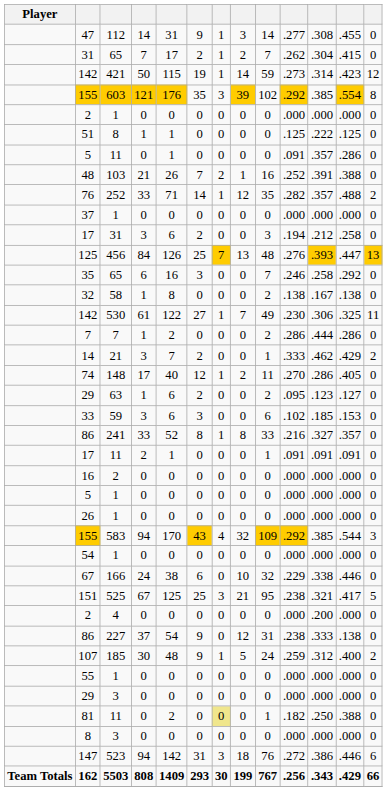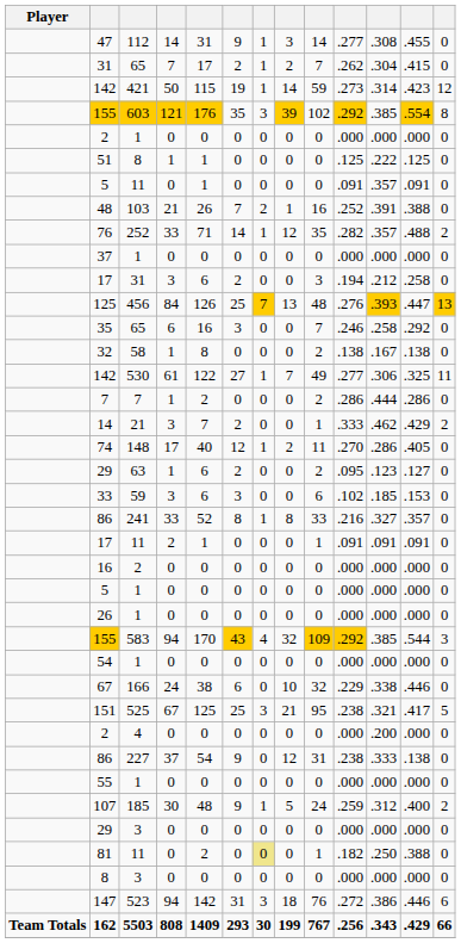 <table class="wikitable sortable" style="text-align:center;">
 <tr>
 <th>Player</th>
 <th></th>
 <th></th>
 <th></th>
 <th></th>
 <th></th>
 <th></th>
 <th></th>
 <th></th>
 <th></th>
 <th></th>
 <th></th>
 <th></th>
 </tr>
 <tr>
 <td align=left></td>
 <td>47</td>
 <td>112</td>
 <td>14</td>
 <td>31</td>
 <td>9</td>
 <td>1</td>
 <td>3</td>
 <td>14</td>
 <td>.277</td>
 <td>.308</td>
 <td>.455</td>
 <td>0</td>
 </tr>
 <tr>
 <td align=left></td>
 <td>31</td>
 <td>65</td>
 <td>7</td>
 <td>17</td>
 <td>2</td>
 <td>1</td>
 <td>2</td>
 <td>7</td>
 <td>.262</td>
 <td>.304</td>
 <td>.415</td>
 <td>0</td>
 </tr>
 <tr>
 <td align=left></td>
 <td>142</td>
 <td>421</td>
 <td>50</td>
 <td>115</td>
 <td>19</td>
 <td>1</td>
 <td>14</td>
 <td>59</td>
 <td>.273</td>
 <td>.314</td>
 <td>.423</td>
 <td>12</td>
 </tr>
 <tr>
 <td align=left></td>
 <td bgcolor=#ffcc00>155</td>
 <td bgcolor=#ffcc00>603</td>
 <td bgcolor=#ffcc00>121</td>
 <td bgcolor=#ffcc00>176</td>
 <td>35</td>
 <td>3</td>
 <td bgcolor=#ffcc00>39</td>
 <td>102</td>
 <td bgcolor=#ffcc00>.292</td>
 <td>.385</td>
 <td bgcolor=#ffcc00>.554</td>
 <td>8</td>
 </tr>
 <tr>
 <td align=left></td>
 <td>2</td>
 <td>1</td>
 <td>0</td>
 <td>0</td>
 <td>0</td>
 <td>0</td>
 <td>0</td>
 <td>0</td>
 <td>.000</td>
 <td>.000</td>
 <td>.000</td>
 <td>0</td>
 </tr>
 <tr>
 <td align=left></td>
 <td>51</td>
 <td>8</td>
 <td>1</td>
 <td>1</td>
 <td>0</td>
 <td>0</td>
 <td>0</td>
 <td>0</td>
 <td>.125</td>
 <td>.222</td>
 <td>.125</td>
 <td>0</td>
 </tr>
 <tr>
 <td align=left></td>
 <td>5</td>
 <td>11</td>
 <td>0</td>
 <td>1</td>
 <td>0</td>
 <td>0</td>
 <td>0</td>
 <td>0</td>
 <td>.091</td>
 <td>.357</td>
-<td>.286</td>
+<td>.091</td>
 <td>0</td>
 </tr>
 <tr>
 <td align=left></td>
 <td>48</td>
 <td>103</td>
 <td>21</td>
 <td>26</td>
 <td>7</td>
 <td>2</td>
 <td>1</td>
 <td>16</td>
 <td>.252</td>
 <td>.391</td>
 <td>.388</td>
 <td>0</td>
 </tr>
 <tr>
 <td align=left></td>
 <td>76</td>
 <td>252</td>
 <td>33</td>
 <td>71</td>
 <td>14</td>
 <td>1</td>
 <td>12</td>
 <td>35</td>
 <td>.282</td>
 <td>.357</td>
 <td>.488</td>
 <td>2</td>
 </tr>
 <tr>
 <td align=left></td>
 <td>37</td>
 <td>1</td>
 <td>0</td>
 <td>0</td>
 <td>0</td>
 <td>0</td>
 <td>0</td>
 <td>0</td>
 <td>.000</td>
 <td>.000</td>
 <td>.000</td>
 <td>0</td>
 </tr>
 <tr>
 <td align=left></td>
 <td>17</td>
 <td>31</td>
 <td>3</td>
 <td>6</td>
 <td>2</td>
 <td>0</td>
 <td>0</td>
 <td>3</td>
 <td>.194</td>
 <td>.212</td>
 <td>.258</td>
 <td>0</td>
 </tr>
 <tr>
 <td align=left></td>
 <td>125</td>
 <td>456</td>
 <td>84</td>
 <td>126</td>
 <td>25</td>
 <td bgcolor=#ffcc00>7</td>
 <td>13</td>
 <td>48</td>
 <td>.276</td>
 <td bgcolor=#ffcc00>.393</td>
 <td>.447</td>
 <td bgcolor=#ffcc00>13</td>
 </tr>
 <tr>
 <td align=left></td>
 <td>35</td>
 <td>65</td>
 <td>6</td>
 <td>16</td>
 <td>3</td>
 <td>0</td>
 <td>0</td>
 <td>7</td>
 <td>.246</td>
 <td>.258</td>
 <td>.292</td>
 <td>0</td>
 </tr>
 <tr>
 <td align=left></td>
 <td>32</td>
 <td>58</td>
 <td>1</td>
 <td>8</td>
 <td>0</td>
 <td>0</td>
 <td>0</td>
 <td>2</td>
 <td>.138</td>
 <td>.167</td>
 <td>.138</td>
 <td>0</td>
 </tr>
 <tr>
 <td align=left></td>
 <td>142</td>
 <td>530</td>
 <td>61</td>
 <td>122</td>
 <td>27</td>
 <td>1</td>
 <td>7</td>
 <td>49</td>
-<td>.230</td>
+<td>.277</td>
 <td>.306</td>
 <td>.325</td>
 <td>11</td>
 </tr>
 <tr>
 <td align=left></td>
 <td>7</td>
 <td>7</td>
 <td>1</td>
 <td>2</td>
 <td>0</td>
 <td>0</td>
 <td>0</td>
 <td>2</td>
 <td>.286</td>
 <td>.444</td>
 <td>.286</td>
 <td>0</td>
 </tr>
 <tr>
 <td align=left></td>
 <td>14</td>
 <td>21</td>
 <td>3</td>
 <td>7</td>
 <td>2</td>
 <td>0</td>
 <td>0</td>
 <td>1</td>
 <td>.333</td>
 <td>.462</td>
 <td>.429</td>
 <td>2</td>
 </tr>
 <tr>
 <td align=left></td>
 <td>74</td>
 <td>148</td>
 <td>17</td>
 <td>40</td>
 <td>12</td>
 <td>1</td>
 <td>2</td>
 <td>11</td>
 <td>.270</td>
 <td>.286</td>
 <td>.405</td>
 <td>0</td>
 </tr>
 <tr>
 <td align=left></td>
 <td>29</td>
 <td>63</td>
 <td>1</td>
 <td>6</td>
 <td>2</td>
 <td>0</td>
 <td>0</td>
 <td>2</td>
 <td>.095</td>
 <td>.123</td>
 <td>.127</td>
 <td>0</td>
 </tr>
 <tr>
 <td align=left></td>
 <td>33</td>
 <td>59</td>
 <td>3</td>
 <td>6</td>
 <td>3</td>
 <td>0</td>
 <td>0</td>
 <td>6</td>
 <td>.102</td>
 <td>.185</td>
 <td>.153</td>
 <td>0</td>
 </tr>
 <tr>
 <td align=left></td>
 <td>86</td>
 <td>241</td>
 <td>33</td>
 <td>52</td>
 <td>8</td>
 <td>1</td>
 <td>8</td>
 <td>33</td>
 <td>.216</td>
 <td>.327</td>
 <td>.357</td>
 <td>0</td>
 </tr>
 <tr>
 <td align=left></td>
 <td>17</td>
 <td>11</td>
 <td>2</td>
 <td>1</td>
 <td>0</td>
 <td>0</td>
 <td>0</td>
 <td>1</td>
 <td>.091</td>
 <td>.091</td>
 <td>.091</td>
 <td>0</td>
 </tr>
 <tr>
 <td align=left></td>
 <td>16</td>
 <td>2</td>
 <td>0</td>
 <td>0</td>
 <td>0</td>
 <td>0</td>
 <td>0</td>
 <td>0</td>
 <td>.000</td>
 <td>.000</td>
 <td>.000</td>
 <td>0</td>
 </tr>
 <tr>
 <td align=left></td>
 <td>5</td>
 <td>1</td>
 <td>0</td>
 <td>0</td>
 <td>0</td>
 <td>0</td>
 <td>0</td>
 <td>0</td>
 <td>.000</td>
 <td>.000</td>
 <td>.000</td>
 <td>0</td>
 </tr>
 <tr>
 <td align=left></td>
 <td>26</td>
 <td>1</td>
 <td>0</td>
 <td>0</td>
 <td>0</td>
 <td>0</td>
 <td>0</td>
 <td>0</td>
 <td>.000</td>
 <td>.000</td>
 <td>.000</td>
 <td>0</td>
 </tr>
 <tr>
 <td align=left></td>
 <td bgcolor=#ffcc00>155</td>
 <td>583</td>
 <td>94</td>
 <td>170</td>
 <td bgcolor=#ffcc00>43</td>
 <td>4</td>
 <td>32</td>
 <td bgcolor=#ffcc00>109</td>
 <td bgcolor=#ffcc00>.292</td>
 <td>.385</td>
 <td>.544</td>
 <td>3</td>
 </tr>
 <tr>
 <td align=left></td>
 <td>54</td>
 <td>1</td>
 <td>0</td>
 <td>0</td>
 <td>0</td>
 <td>0</td>
 <td>0</td>
 <td>0</td>
 <td>.000</td>
 <td>.000</td>
 <td>.000</td>
 <td>0</td>
 </tr>
 <tr>
 <td align=left></td>
 <td>67</td>
 <td>166</td>
 <td>24</td>
 <td>38</td>
 <td>6</td>
 <td>0</td>
 <td>10</td>
 <td>32</td>
 <td>.229</td>
 <td>.338</td>
 <td>.446</td>
 <td>0</td>
 </tr>
 <tr>
 <td align=left></td>
 <td>151</td>
 <td>525</td>
 <td>67</td>
 <td>125</td>
 <td>25</td>
 <td>3</td>
 <td>21</td>
 <td>95</td>
 <td>.238</td>
 <td>.321</td>
 <td>.417</td>
 <td>5</td>
 </tr>
 <tr>
 <td align=left></td>
 <td>2</td>
 <td>4</td>
 <td>0</td>
 <td>0</td>
 <td>0</td>
 <td>0</td>
 <td>0</td>
 <td>0</td>
 <td>.000</td>
 <td>.200</td>
 <td>.000</td>
 <td>0</td>
 </tr>
 <tr>
 <td align=left></td>
 <td>86</td>
 <td>227</td>
 <td>37</td>
 <td>54</td>
 <td>9</td>
 <td>0</td>
 <td>12</td>
 <td>31</td>
 <td>.238</td>
 <td>.333</td>
 <td>.138</td>
 <td>0</td>
 </tr>
 <tr>
 <td align=left></td>
+<td>55</td>
+<td>1</td>
+<td>0</td>
+<td>0</td>
+<td>0</td>
+<td>0</td>
+<td>0</td>
+<td>0</td>
+<td>.000</td>
+<td>.000</td>
+<td>.000</td>
+<td>0</td>
+</tr>
+<tr>
+<td align=left></td>
 <td>107</td>
 <td>185</td>
 <td>30</td>
 <td>48</td>
 <td>9</td>
 <td>1</td>
 <td>5</td>
 <td>24</td>
 <td>.259</td>
 <td>.312</td>
 <td>.400</td>
 <td>2</td>
-</tr>
-<tr>
-<td align=left></td>
-<td>55</td>
-<td>1</td>
-<td>0</td>
-<td>0</td>
-<td>0</td>
-<td>0</td>
-<td>0</td>
-<td>0</td>
-<td>.000</td>
-<td>.000</td>
-<td>.000</td>
-<td>0</td>
 </tr>
 <tr>
 <td align=left></td>
 <td>29</td>
 <td>3</td>
 <td>0</td>
 <td>0</td>
 <td>0</td>
 <td>0</td>
 <td>0</td>
 <td>0</td>
 <td>.000</td>
 <td>.000</td>
 <td>.000</td>
 <td>0</td>
 </tr>
 <tr>
 <td align=left></td>
 <td>81</td>
 <td>11</td>
 <td>0</td>
 <td>2</td>
 <td>0</td>
 <td style="background: khaki;">0</td>
 <td>0</td>
 <td>1</td>
 <td>.182</td>
 <td>.250</td>
 <td>.388</td>
 <td>0</td>
 </tr>
 <tr>
 <td align=left></td>
 <td>8</td>
 <td>3</td>
 <td>0</td>
 <td>0</td>
 <td>0</td>
 <td>0</td>
 <td>0</td>
 <td>0</td>
 <td>.000</td>
 <td>.000</td>
 <td>.000</td>
 <td>0</td>
 </tr>
 <tr>
 <td align=left></td>
 <td>147</td>
 <td>523</td>
 <td>94</td>
 <td>142</td>
 <td>31</td>
 <td>3</td>
 <td>18</td>
 <td>76</td>
 <td>.272</td>
 <td>.386</td>
 <td>.446</td>
 <td>6</td>
 </tr>
 <tr>
 <td align=left><strong>Team Totals</strong></td>
 <td><strong>162</strong></td>
 <td><strong>5503</strong></td>
 <td><strong>808</strong></td>
 <td><strong>1409</strong></td>
 <td><strong>293</strong></td>
 <td><strong>30</strong></td>
 <td><strong>199</strong></td>
 <td><strong>767</strong></td>
 <td><strong>.256</strong></td>
 <td><strong>.343</strong></td>
 <td><strong>.429</strong></td>
 <td><strong>66</strong></td>
 </tr>
 <tr class="sortbottom|}">
 </tr>
 </table>
